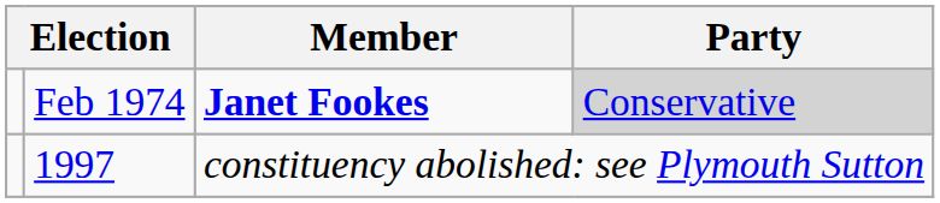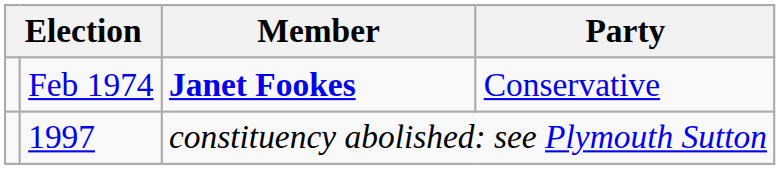 <table class="wikitable">
 <tr>
 <th colspan="2">Election</th>
 <th>Member</th>
 <th>Party</th>
 </tr>
 <tr>
 <td style="color:inherit;background-color: "></td>
 <td><a href='#'>Feb 1974</a></td>
 <td><strong><a href='#'>Janet Fookes</a></strong></td>
-<td style="background: lightgrey;"><a href='#'>Conservative</a></td>
+<td><a href='#'>Conservative</a></td>
 </tr>
 <tr>
 <td></td>
 <td><a href='#'>1997</a></td>
 <td colspan="2"><em>constituency abolished: see <a href='#'>Plymouth Sutton</a></em></td>
 </tr>
 </table>
